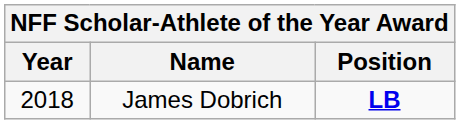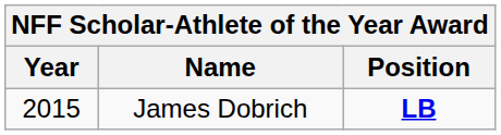 <table class="wikitable">
 <tr align="center">
 <th colspan=5>NFF Scholar-Athlete of the Year Award</th>
 </tr>
 <tr>
 <th>Year</th>
 <th>Name</th>
 <th>Position</th>
 </tr>
 <tr align="center" bgcolor="">
-<td>2018</td>
+<td>2015</td>
 <td>James Dobrich</td>
 <td><strong><a href='#'>LB</a></strong></td>
 </tr>
 </table>
